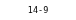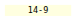 <table style="text-align:center">
 <tr>
 <th width=200></th>
 <th width=100></th>
 <th width=200></th>
 </tr>
 <tr>
 <td align=right><strong></strong></td>
-<td>14-9</td>
+<td style="background: lightyellow;">14-9</td>
 <td align=left></td>
 </tr>
 </table>
